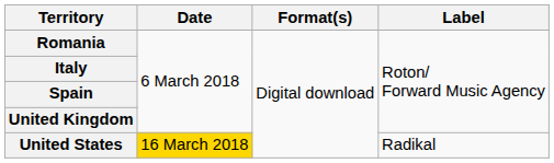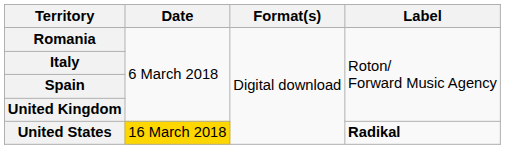 <table class="wikitable plainrowheaders sortable">
 <tr>
 <th scope="col">Territory</th>
 <th scope="col">Date</th>
 <th scope="col">Format(s)</th>
 <th scope="col">Label</th>
 </tr>
 <tr>
 <th scope="row">Romania</th>
 <td rowspan="4">6 March 2018</td>
 <td rowspan="5">Digital download</td>
 <td rowspan="4">Roton/<br>Forward Music Agency</td>
 </tr>
 <tr>
 <th scope="row">Italy</th>
 </tr>
 <tr>
 <th scope="row">Spain</th>
 </tr>
 <tr>
 <th scope="row">United Kingdom</th>
 </tr>
 <tr>
 <th scope="row">United States</th>
 <td style="background: gold;">16 March 2018</td>
-<td>Radikal</td>
+<td><strong>Radikal</strong></td>
 </tr>
 </table>
